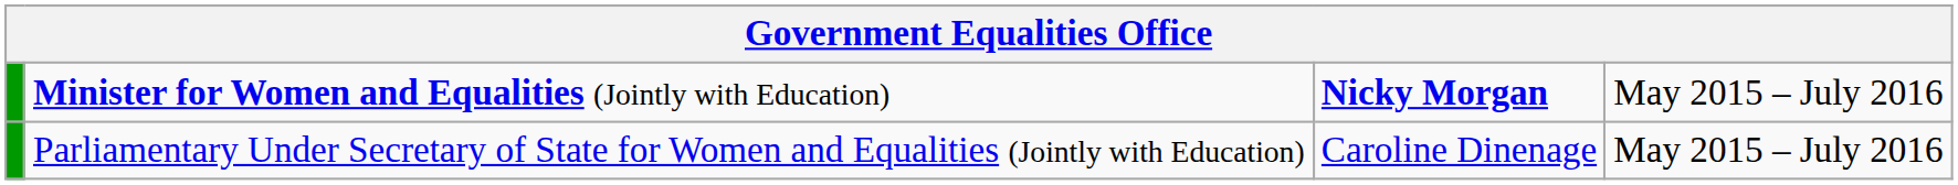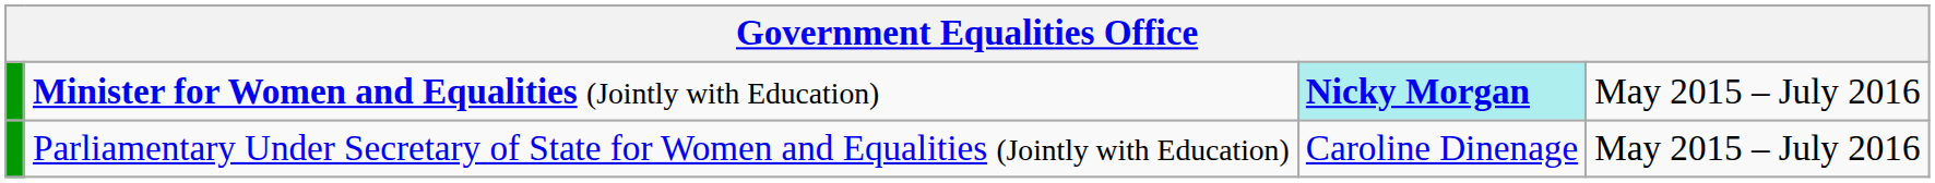 <table class="wikitable">
 <tr>
 <th colspan=4><a href='#'>Government Equalities Office</a></th>
 </tr>
 <tr>
 <td style="width:1px; background:#090;"></td>
 <td><strong><a href='#'>Minister for Women and Equalities</a></strong> <small>(Jointly with Education)</small></td>
-<td><strong><a href='#'>Nicky Morgan</a></strong></td>
+<td style="background: paleturquoise;"><strong><a href='#'>Nicky Morgan</a></strong></td>
 <td>May 2015 – July 2016</td>
 </tr>
 <tr>
 <td style="width:1px; background:#090;"></td>
 <td><a href='#'>Parliamentary Under Secretary of State for Women and Equalities</a> <small>(Jointly with Education)</small></td>
 <td><a href='#'>Caroline Dinenage</a></td>
 <td>May 2015 – July 2016</td>
 </tr>
 </table>
